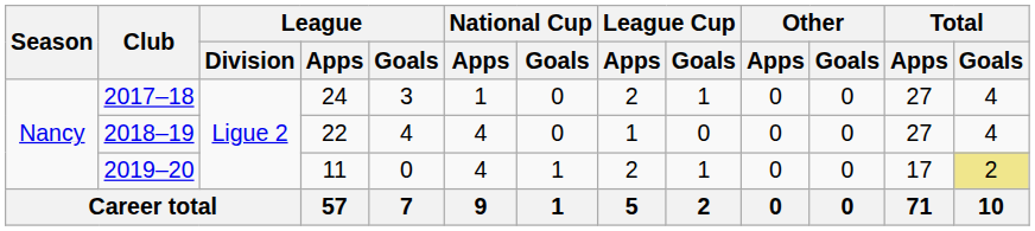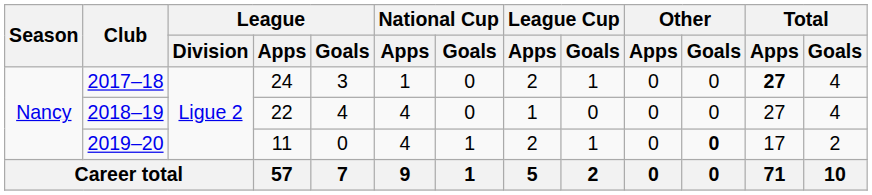 <table class="wikitable" style="text-align:center">
 <tr>
 <th rowspan="2">Season</th>
 <th rowspan="2">Club</th>
 <th colspan="3">League</th>
 <th colspan="2">National Cup</th>
 <th colspan="2">League Cup</th>
 <th colspan="2">Other</th>
 <th colspan="2">Total</th>
 </tr>
 <tr>
 <th>Division</th>
 <th>Apps</th>
 <th>Goals</th>
 <th>Apps</th>
 <th>Goals</th>
 <th>Apps</th>
 <th>Goals</th>
 <th>Apps</th>
 <th>Goals</th>
 <th>Apps</th>
 <th>Goals</th>
 </tr>
 <tr>
 <td rowspan="3"><a href='#'>Nancy</a></td>
 <td><a href='#'>2017–18</a></td>
 <td rowspan="3"><a href='#'>Ligue 2</a></td>
 <td>24</td>
 <td>3</td>
 <td>1</td>
 <td>0</td>
 <td>2</td>
 <td>1</td>
 <td>0</td>
 <td>0</td>
-<td>27</td>
+<td><strong>27</strong></td>
 <td>4</td>
 </tr>
 <tr>
 <td><a href='#'>2018–19</a></td>
 <td>22</td>
 <td>4</td>
 <td>4</td>
 <td>0</td>
 <td>1</td>
 <td>0</td>
 <td>0</td>
 <td>0</td>
 <td>27</td>
 <td>4</td>
 </tr>
 <tr>
 <td><a href='#'>2019–20</a></td>
 <td>11</td>
 <td>0</td>
 <td>4</td>
 <td>1</td>
 <td>2</td>
 <td>1</td>
 <td>0</td>
-<td>0</td>
+<td><strong>0</strong></td>
 <td>17</td>
-<td style="background: khaki;">2</td>
+<td>2</td>
 </tr>
 <tr>
 <th colspan="3">Career total</th>
 <th>57</th>
 <th>7</th>
 <th>9</th>
 <th>1</th>
 <th>5</th>
 <th>2</th>
 <th>0</th>
 <th>0</th>
 <th>71</th>
 <th>10</th>
 </tr>
 </table>
